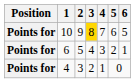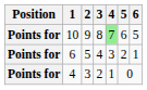 <table class="wikitable floatright" style="text-align: center">
 <tr>
 <th scope="col">Position</th>
 <th scope="col">1</th>
 <th scope="col">2</th>
 <th scope="col">3</th>
 <th scope="col">4</th>
 <th scope="col">5</th>
 <th scope="col">6</th>
 </tr>
 <tr>
 <th scope="row">Points for </th>
 <td>10</td>
 <td>9</td>
-<td style="background: gold;">8</td>
-<td>7</td>
+<td>8</td>
+<td style="background: lightgreen;">7</td>
 <td>6</td>
 <td>5</td>
 </tr>
 <tr>
 <th scope="row">Points for </th>
 <td>6</td>
 <td>5</td>
 <td>4</td>
 <td>3</td>
 <td>2</td>
 <td>1</td>
 </tr>
 <tr>
 <th scope="row">Points for </th>
 <td>4</td>
 <td>3</td>
 <td>2</td>
 <td>1</td>
 <td colspan=2>0</td>
 </tr>
 </table>
